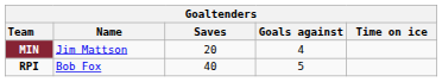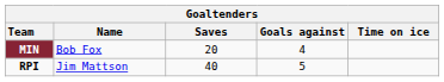 <table class="wikitable" style="width:40em; text-align:right;">
 <tr>
 <th colspan=5>Goaltenders</th>
 </tr>
 <tr>
 <th style="width:4em; text-align:left;">Team</th>
 <th style="width:10em;">Name</th>
 <th style="width:8em;">Saves</th>
 <th style="width:8em;">Goals against</th>
 <th style="width:8em;">Time on ice</th>
 </tr>
 <tr>
 <td align=center style="color:white; background:#862334; "><strong>MIN</strong></td>
-<td style="text-align:left;"><a href='#'>Jim Mattson</a></td>
+<td style="text-align:left;"><a href='#'>Bob Fox</a></td>
 <td align=center>20</td>
 <td align=center>4</td>
 <td align=center></td>
 </tr>
 <tr>
 <td align=center><strong>RPI</strong></td>
-<td style="text-align:left;"><a href='#'>Bob Fox</a></td>
+<td style="text-align:left;"><a href='#'>Jim Mattson</a></td>
 <td align=center>40</td>
 <td align=center>5</td>
 <td align=center></td>
 </tr>
 </table>
